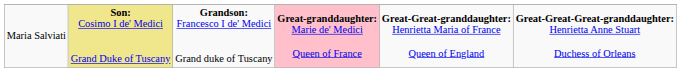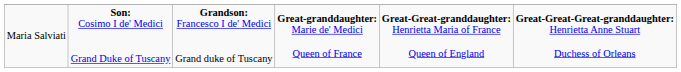 <table class="wikitable">
 <tr>
 </tr>
 <tr>
 <td align="center">Maria Salviati <br></td>
-<td align="center" style="background: khaki;"><strong>Son:</strong> <br> <a href='#'>Cosimo I de' Medici</a><br><br> <br><a href='#'>Grand Duke of Tuscany</a></td>
+<td align="center"><strong>Son:</strong> <br> <a href='#'>Cosimo I de' Medici</a><br><br> <br><a href='#'>Grand Duke of Tuscany</a></td>
 <td align="center"><strong>Grandson:</strong><br><a href='#'>Francesco I de' Medici</a><br><br> <br> Grand duke of Tuscany</td>
-<td align="center" style="background: pink;"><strong>Great-granddaughter:</strong><br><a href='#'>Marie de' Medici</a><br> <br> <a href='#'>Queen of France</a></td>
+<td align="center"><strong>Great-granddaughter:</strong><br><a href='#'>Marie de' Medici</a><br> <br> <a href='#'>Queen of France</a></td>
 <td align="center"><strong>Great-Great-granddaughter:</strong><br><a href='#'>Henrietta Maria of France</a><br> <br> <a href='#'>Queen of England</a></td>
 <td align="center"><strong>Great-Great-Great-granddaughter:</strong><br><a href='#'>Henrietta Anne Stuart</a><br> <br><a href='#'>Duchess of Orleans</a></td>
 </tr>
 </table>
